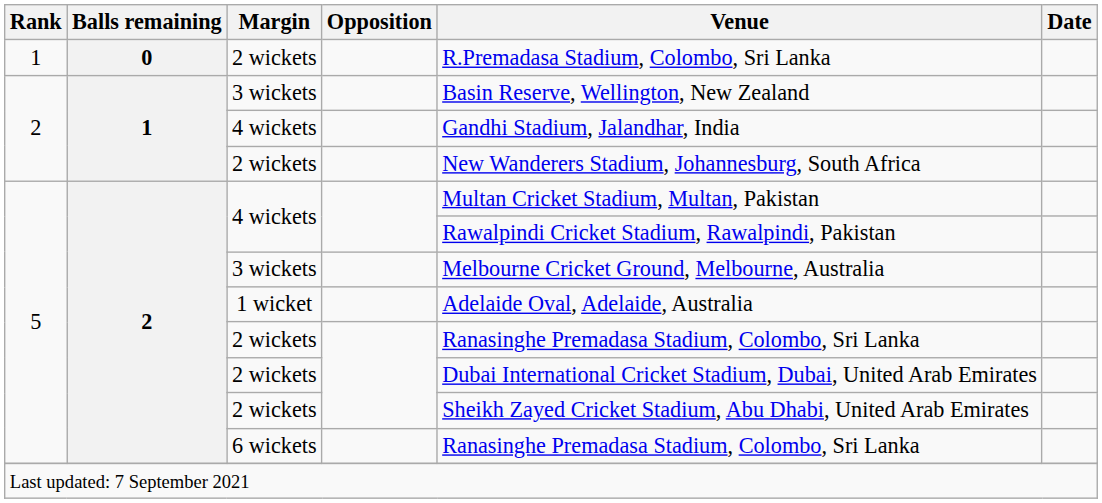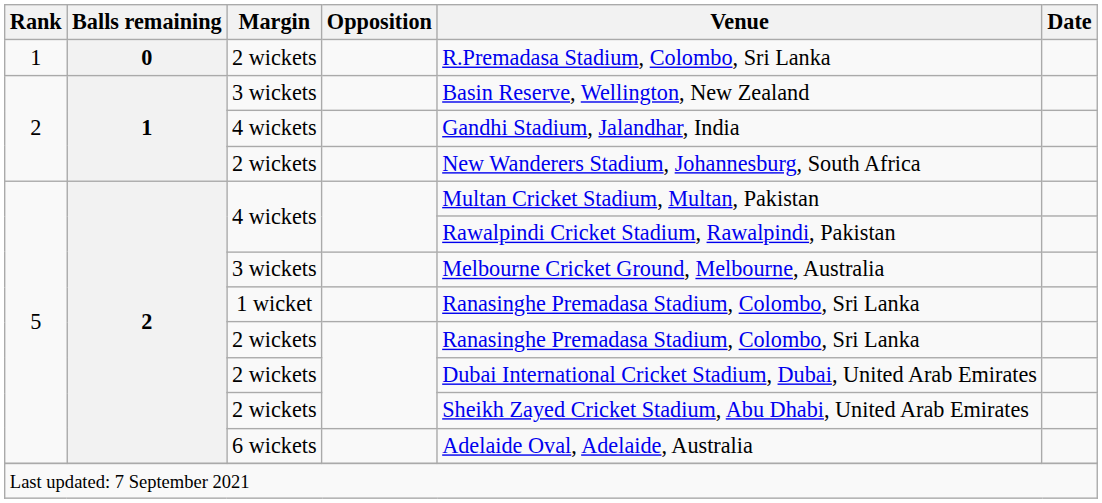 <table class="wikitable plainrowheaders sortable">
 <tr>
 <th scope=col>Rank</th>
 <th scope=col>Balls remaining</th>
 <th scope=col>Margin</th>
 <th scope=col>Opposition</th>
 <th scope=col>Venue</th>
 <th scope=col>Date</th>
 </tr>
 <tr>
 <td align=center>1</td>
 <th scope=row style=text-align:center;>0</th>
 <td scope=row style=text-align:center;>2 wickets</td>
 <td></td>
 <td><a href='#'>R.Premadasa Stadium</a>, <a href='#'>Colombo</a>, Sri Lanka</td>
 <td></td>
 </tr>
 <tr>
 <td align=center rowspan=3>2</td>
 <th scope=row style=text-align:center; rowspan=3>1</th>
 <td scope=row style=text-align:center;>3 wickets</td>
 <td></td>
 <td><a href='#'>Basin Reserve</a>, <a href='#'>Wellington</a>, New Zealand</td>
 <td> </td>
 </tr>
 <tr>
 <td scope=row style=text-align:center;>4 wickets</td>
 <td></td>
 <td><a href='#'>Gandhi Stadium</a>, <a href='#'>Jalandhar</a>, India</td>
 <td></td>
 </tr>
 <tr>
 <td scope=row style=text-align:center;>2 wickets</td>
 <td></td>
 <td><a href='#'>New Wanderers Stadium</a>, <a href='#'>Johannesburg</a>, South Africa</td>
 <td></td>
 </tr>
 <tr>
 <td align=center rowspan=8>5</td>
 <th scope=row style=text-align:center; rowspan=8>2</th>
 <td scope=row style=text-align:center; rowspan=2>4 wickets</td>
 <td rowspan=2></td>
 <td><a href='#'>Multan Cricket Stadium</a>, <a href='#'>Multan</a>, Pakistan</td>
 <td></td>
 </tr>
 <tr>
 <td><a href='#'>Rawalpindi Cricket Stadium</a>, <a href='#'>Rawalpindi</a>, Pakistan</td>
 <td></td>
 </tr>
 <tr>
 <td scope=row style=text-align:center;>3 wickets</td>
 <td></td>
 <td><a href='#'>Melbourne Cricket Ground</a>, <a href='#'>Melbourne</a>, Australia</td>
 <td></td>
 </tr>
 <tr>
 <td scope=row style=text-align:center;>1 wicket</td>
 <td></td>
-<td><a href='#'>Adelaide Oval</a>, <a href='#'>Adelaide</a>, Australia</td>
+<td><a href='#'>Ranasinghe Premadasa Stadium</a>, <a href='#'>Colombo</a>, Sri Lanka</td>
 <td></td>
 </tr>
 <tr>
 <td scope=row style=text-align:center;>2 wickets</td>
 <td rowspan=3></td>
 <td><a href='#'>Ranasinghe Premadasa Stadium</a>, <a href='#'>Colombo</a>, Sri Lanka</td>
 <td></td>
 </tr>
 <tr>
 <td scope=row style=text-align:center;>2 wickets</td>
 <td><a href='#'>Dubai International Cricket Stadium</a>, <a href='#'>Dubai</a>, United Arab Emirates</td>
 <td></td>
 </tr>
 <tr>
 <td scope=row style=text-align:center;>2 wickets</td>
 <td><a href='#'>Sheikh Zayed Cricket Stadium</a>, <a href='#'>Abu Dhabi</a>, United Arab Emirates</td>
 <td></td>
 </tr>
 <tr>
 <td scope=row style=text-align:center;>6 wickets</td>
 <td></td>
-<td><a href='#'>Ranasinghe Premadasa Stadium</a>, <a href='#'>Colombo</a>, Sri Lanka</td>
+<td><a href='#'>Adelaide Oval</a>, <a href='#'>Adelaide</a>, Australia</td>
 <td></td>
 </tr>
 <tr>
 </tr>
 <tr class=sortbottom>
 <td colspan=6><small>Last updated: 7 September 2021</small></td>
 </tr>
 </table>
